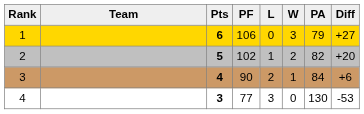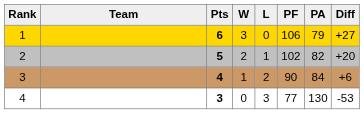 <table style=border-collapse:collapse border=1 cellspacing=0 cellpadding=5>
 <tr align=center bgcolor=#efefef>
 <th width=20>Rank</th>
 <th width=220>Team</th>
 <th width=20>Pts</th>
+<th width=20>W</th>
+<th width=20>L</th>
 <th width=20>PF</th>
-<th width=20>L</th>
-<th width=20>W</th>
 <th width=20>PA</th>
 <th width=20>Diff</th>
 </tr>
 <tr align=center bgcolor=gold>
 <td>1</td>
 <td align=left></td>
 <td><strong>6</strong></td>
+<td>3</td>
+<td>0</td>
 <td>106</td>
-<td>0</td>
-<td>3</td>
 <td>79</td>
 <td>+27</td>
 </tr>
 <tr align=center bgcolor=silver>
 <td>2</td>
 <td align=left></td>
 <td><strong>5</strong></td>
+<td>2</td>
+<td>1</td>
 <td>102</td>
-<td>1</td>
-<td>2</td>
 <td>82</td>
 <td>+20</td>
 </tr>
 <tr align=center bgcolor=cc9966>
 <td>3</td>
 <td align=left></td>
 <td><strong>4</strong></td>
+<td>1</td>
+<td>2</td>
 <td>90</td>
-<td>2</td>
-<td>1</td>
 <td>84</td>
 <td>+6</td>
 </tr>
 <tr align=center>
 <td>4</td>
 <td align=left></td>
 <td><strong>3</strong></td>
+<td>0</td>
+<td>3</td>
 <td>77</td>
-<td>3</td>
-<td>0</td>
 <td>130</td>
 <td>-53</td>
 </tr>
 </table>
